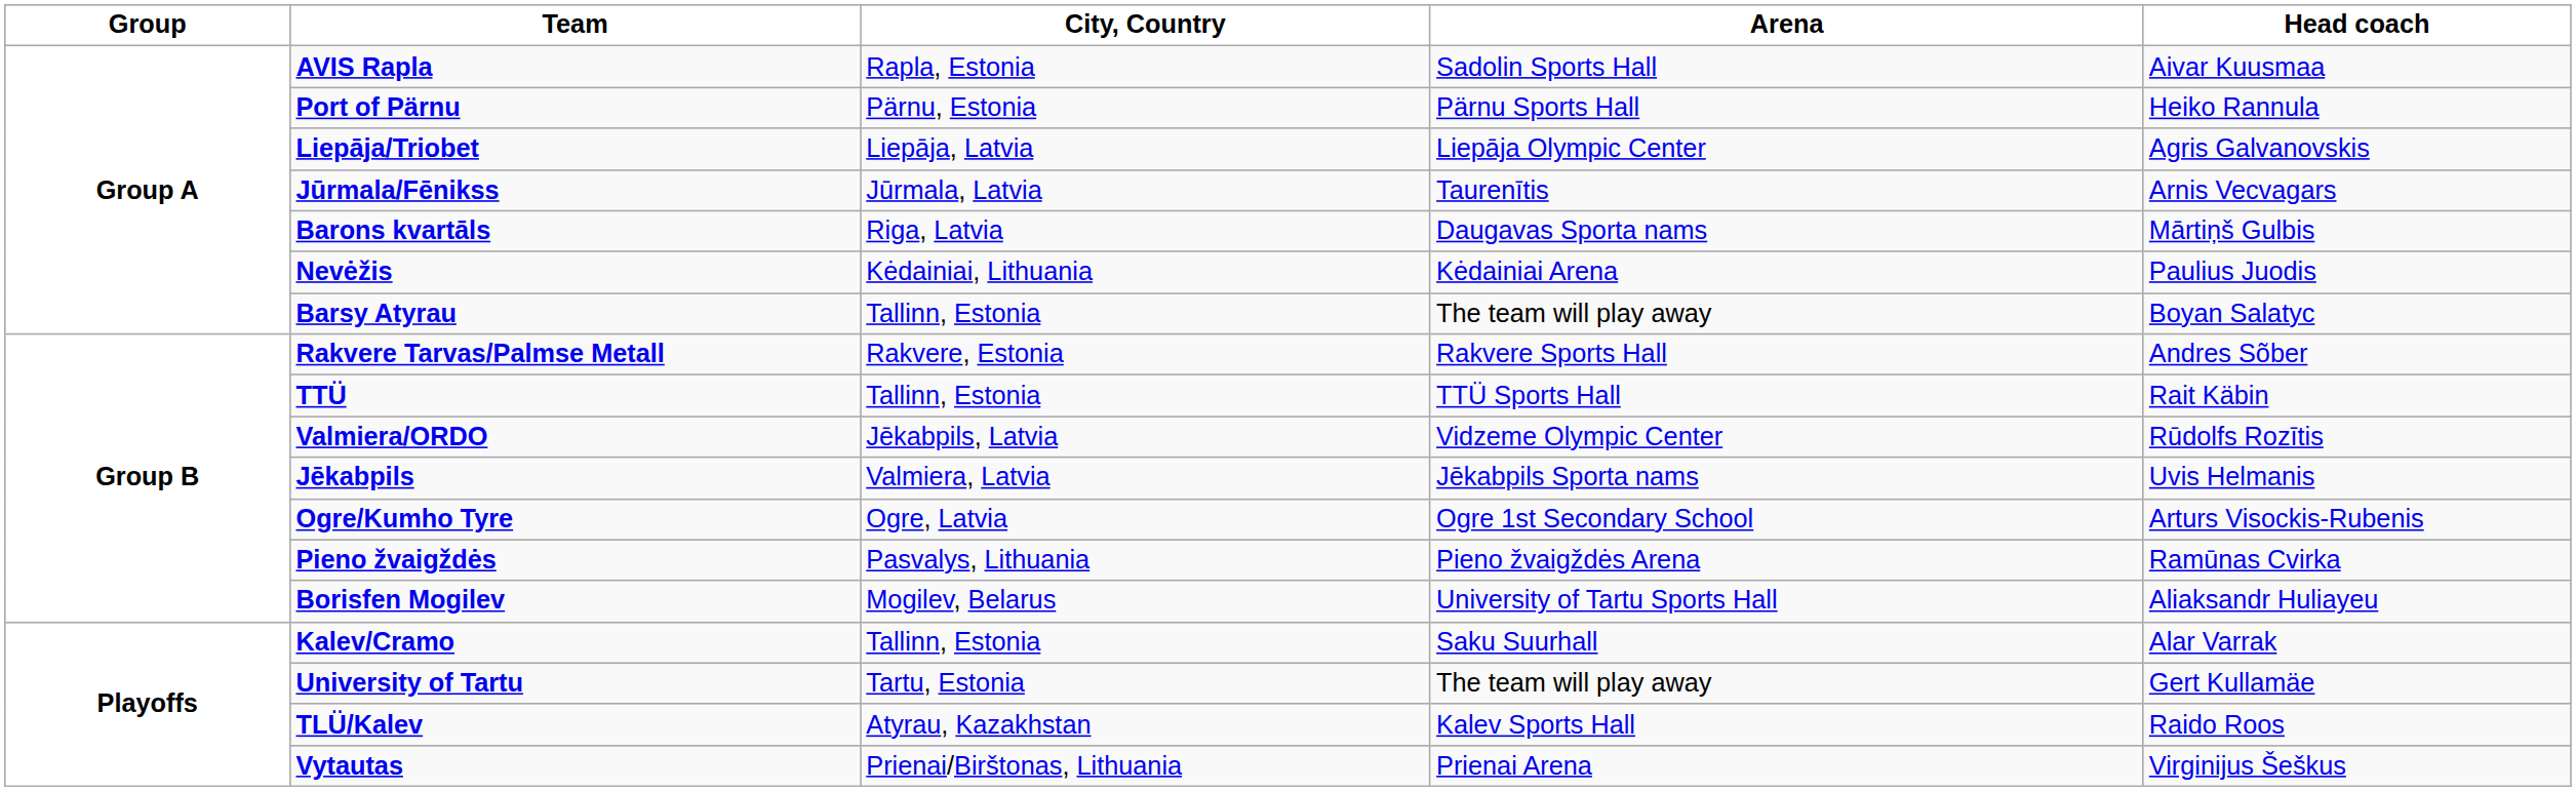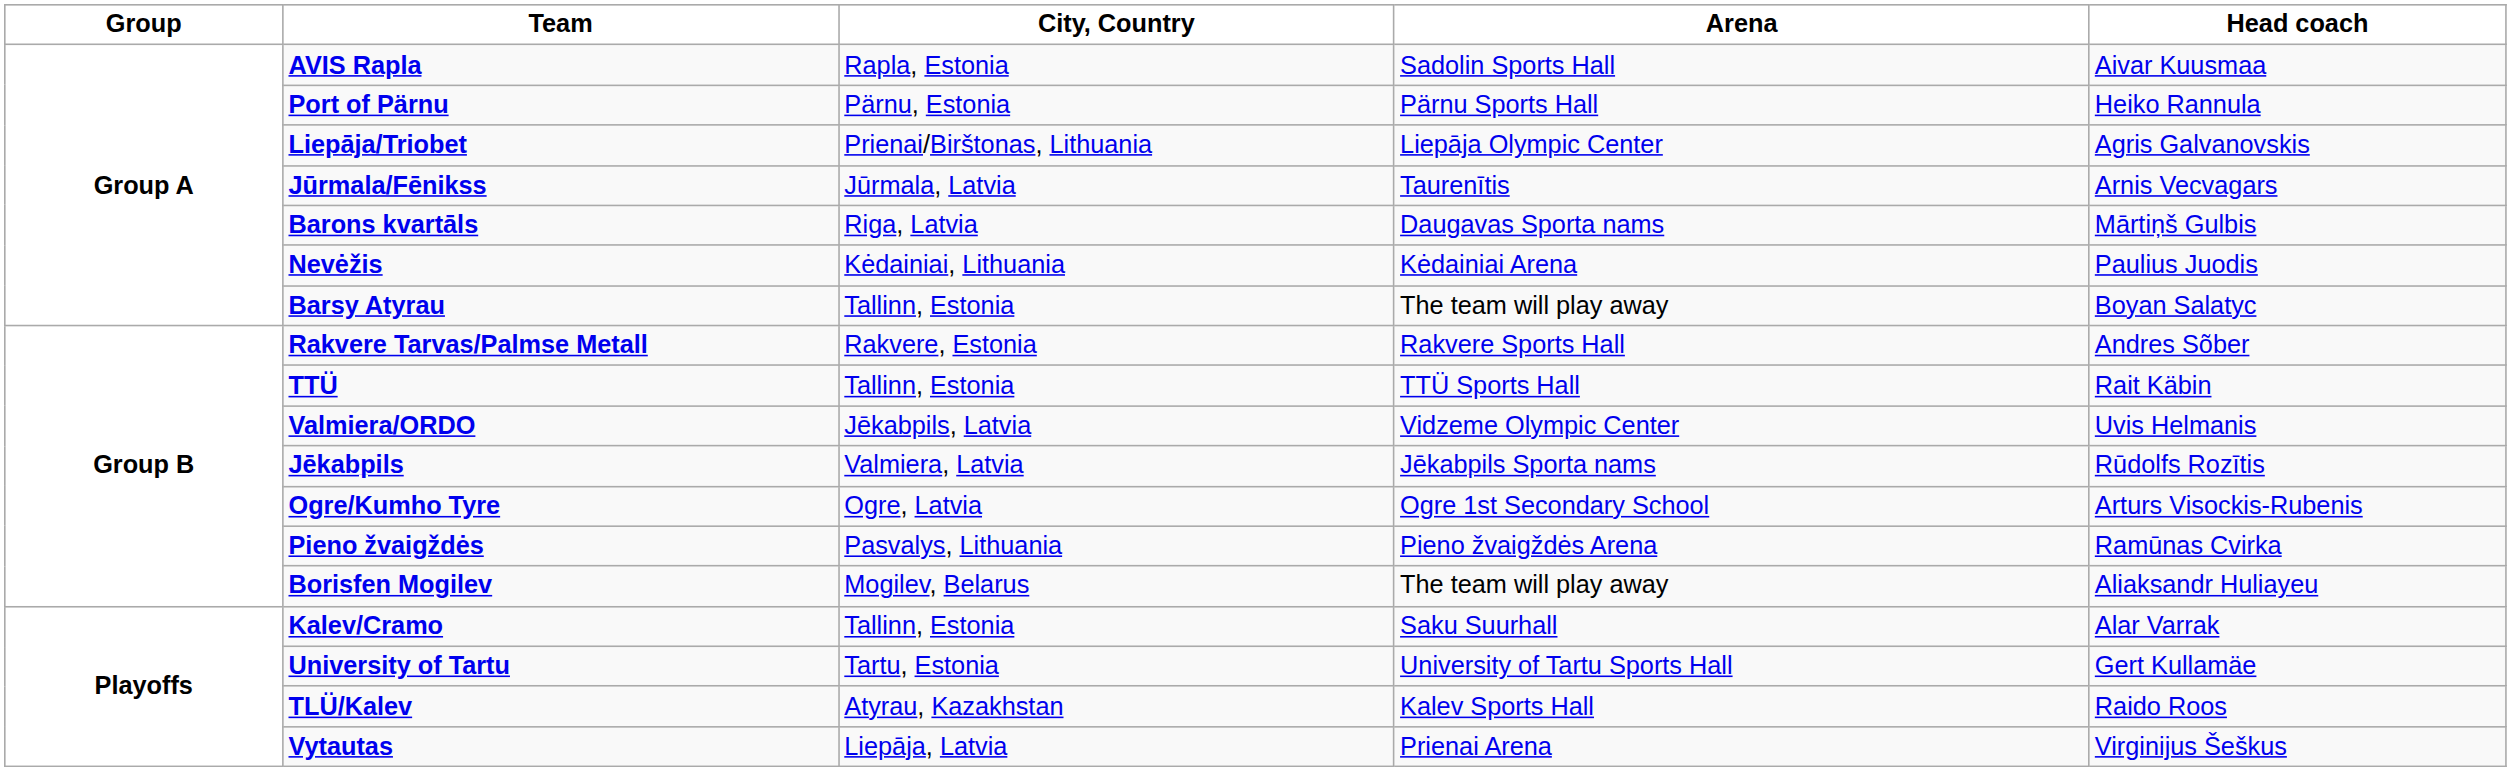 <table class="wikitable" style="width:100%; text-align:left">
 <tr>
 <th style="background:white; width:10%">Group</th>
 <th style="background:white; width:20%">Team</th>
 <th style="background:white; width:20%">City, Country</th>
 <th style="background:white; width:25%">Arena</th>
 <th style="background:white; width:15%">Head coach</th>
 </tr>
 <tr>
 <th style="background:white;" rowspan="7">Group A</th>
 <td> <strong><a href='#'>AVIS Rapla</a></strong></td>
 <td><a href='#'>Rapla</a>, <a href='#'>Estonia</a></td>
 <td><a href='#'>Sadolin Sports Hall</a></td>
 <td> <a href='#'>Aivar Kuusmaa</a></td>
 </tr>
 <tr>
 <td> <strong><a href='#'>Port of Pärnu</a></strong></td>
 <td><a href='#'>Pärnu</a>, <a href='#'>Estonia</a></td>
 <td><a href='#'>Pärnu Sports Hall</a></td>
 <td> <a href='#'>Heiko Rannula</a></td>
 </tr>
 <tr>
 <td> <strong><a href='#'>Liepāja/Triobet</a></strong></td>
-<td><a href='#'>Liepāja</a>, <a href='#'>Latvia</a></td>
+<td><a href='#'>Prienai</a>/<a href='#'>Birštonas</a>, <a href='#'>Lithuania</a></td>
 <td><a href='#'>Liepāja Olympic Center</a></td>
 <td> <a href='#'>Agris Galvanovskis</a></td>
 </tr>
 <tr>
 <td> <strong><a href='#'>Jūrmala/Fēnikss</a></strong></td>
 <td><a href='#'>Jūrmala</a>, <a href='#'>Latvia</a></td>
 <td><a href='#'>Taurenītis</a></td>
 <td> <a href='#'>Arnis Vecvagars</a></td>
 </tr>
 <tr>
 <td> <strong><a href='#'>Barons kvartāls</a></strong></td>
 <td><a href='#'>Riga</a>, <a href='#'>Latvia</a></td>
 <td><a href='#'>Daugavas Sporta nams</a></td>
 <td> <a href='#'>Mārtiņš Gulbis</a></td>
 </tr>
 <tr>
 <td> <strong><a href='#'>Nevėžis</a></strong></td>
 <td><a href='#'>Kėdainiai</a>, <a href='#'>Lithuania</a></td>
 <td><a href='#'>Kėdainiai Arena</a></td>
 <td> <a href='#'>Paulius Juodis</a></td>
 </tr>
 <tr>
 <td> <strong><a href='#'>Barsy Atyrau</a></strong></td>
 <td><a href='#'>Tallinn</a>, <a href='#'>Estonia</a></td>
 <td>The team will play away</td>
 <td> <a href='#'>Boyan Salatyc</a></td>
 </tr>
 <tr>
 <th style="background:white;" rowspan=7>Group B</th>
 <td> <strong><a href='#'>Rakvere Tarvas/Palmse Metall</a></strong></td>
 <td><a href='#'>Rakvere</a>, <a href='#'>Estonia</a></td>
 <td><a href='#'>Rakvere Sports Hall</a></td>
 <td> <a href='#'>Andres Sõber</a></td>
 </tr>
 <tr>
 <td> <strong><a href='#'>TTÜ</a></strong></td>
 <td><a href='#'>Tallinn</a>, <a href='#'>Estonia</a></td>
 <td><a href='#'>TTÜ Sports Hall</a></td>
 <td> <a href='#'>Rait Käbin</a></td>
 </tr>
 <tr>
 <td> <strong><a href='#'>Valmiera/ORDO</a></strong></td>
 <td><a href='#'>Jēkabpils</a>, <a href='#'>Latvia</a></td>
 <td><a href='#'>Vidzeme Olympic Center</a></td>
-<td> <a href='#'>Rūdolfs Rozītis</a></td>
+<td> <a href='#'>Uvis Helmanis</a></td>
 </tr>
 <tr>
 <td> <strong><a href='#'>Jēkabpils</a></strong></td>
 <td><a href='#'>Valmiera</a>, <a href='#'>Latvia</a></td>
 <td><a href='#'>Jēkabpils Sporta nams</a></td>
-<td> <a href='#'>Uvis Helmanis</a></td>
+<td> <a href='#'>Rūdolfs Rozītis</a></td>
 </tr>
 <tr>
 <td> <strong><a href='#'>Ogre/Kumho Tyre</a></strong></td>
 <td><a href='#'>Ogre</a>, <a href='#'>Latvia</a></td>
 <td><a href='#'>Ogre 1st Secondary School</a></td>
 <td> <a href='#'>Arturs Visockis-Rubenis</a></td>
 </tr>
 <tr>
 <td> <strong><a href='#'>Pieno žvaigždės</a></strong></td>
 <td><a href='#'>Pasvalys</a>, <a href='#'>Lithuania</a></td>
 <td><a href='#'>Pieno žvaigždės Arena</a></td>
 <td> <a href='#'>Ramūnas Cvirka</a></td>
 </tr>
 <tr>
 <td> <strong><a href='#'>Borisfen Mogilev</a></strong></td>
 <td><a href='#'>Mogilev</a>, <a href='#'>Belarus</a></td>
-<td><a href='#'>University of Tartu Sports Hall</a></td>
+<td>The team will play away</td>
 <td> <a href='#'>Aliaksandr Huliayeu</a></td>
 </tr>
 <tr>
 <th style="background:white;" rowspan="6">Playoffs</th>
 <td> <strong><a href='#'>Kalev/Cramo</a></strong></td>
 <td><a href='#'>Tallinn</a>, <a href='#'>Estonia</a></td>
 <td><a href='#'>Saku Suurhall</a></td>
 <td> <a href='#'>Alar Varrak</a></td>
 </tr>
 <tr>
 <td> <strong><a href='#'>University of Tartu</a></strong></td>
 <td><a href='#'>Tartu</a>, <a href='#'>Estonia</a></td>
-<td>The team will play away</td>
+<td><a href='#'>University of Tartu Sports Hall</a></td>
 <td> <a href='#'>Gert Kullamäe</a></td>
 </tr>
 <tr>
 <td> <strong><a href='#'>TLÜ/Kalev</a></strong></td>
 <td><a href='#'>Atyrau</a>, <a href='#'>Kazakhstan</a></td>
 <td><a href='#'>Kalev Sports Hall</a></td>
 <td> <a href='#'>Raido Roos</a></td>
 </tr>
 <tr>
 <td> <strong><a href='#'>Vytautas</a></strong></td>
-<td><a href='#'>Prienai</a>/<a href='#'>Birštonas</a>, <a href='#'>Lithuania</a></td>
+<td><a href='#'>Liepāja</a>, <a href='#'>Latvia</a></td>
 <td><a href='#'>Prienai Arena</a></td>
 <td> <a href='#'>Virginijus Šeškus</a></td>
 </tr>
 </table>
